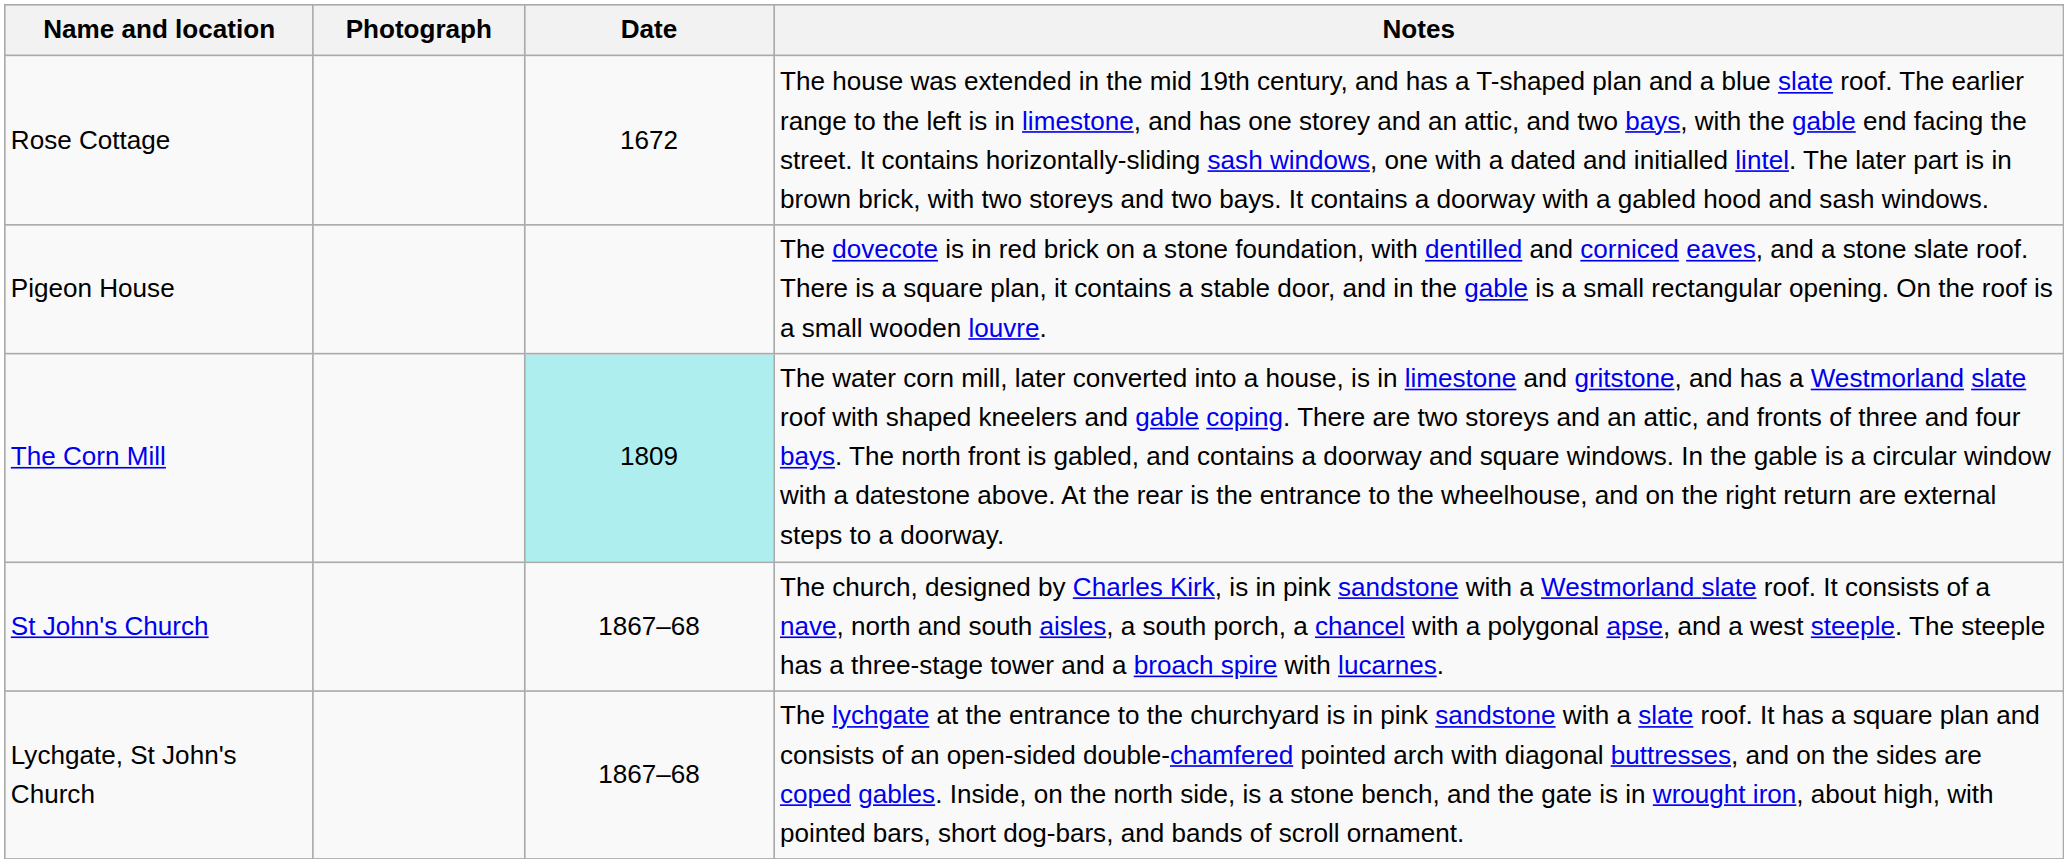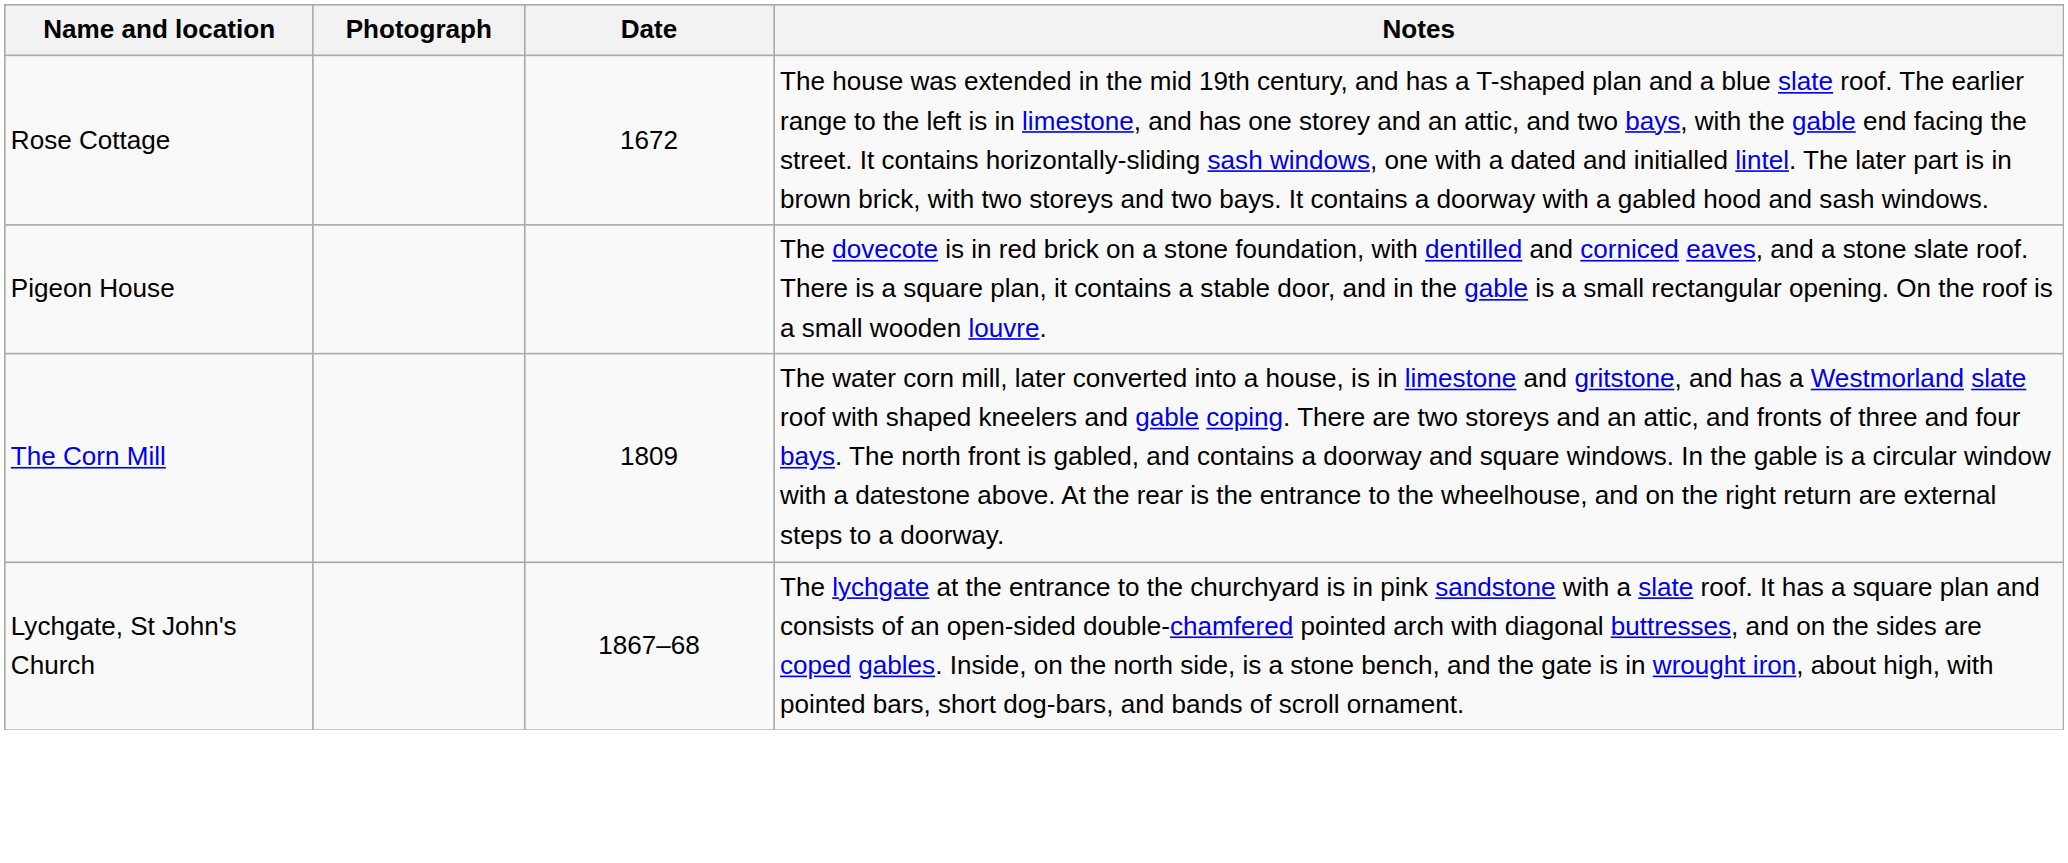 <table class="wikitable sortable plainrowheaders" style="width:100%;border:0px;text-align:left;line-height:150%;">
 <tr>
 <th scope="col"  style="width:150px">Name and location</th>
 <th scope="col"  style="width:100px" class="unsortable">Photograph</th>
 <th scope="col"  style="width:120px">Date</th>
 <th scope="col"  style="width:650px" class="unsortable">Notes</th>
 </tr>
 <tr>
 <td>Rose Cottage<br><small></small></td>
 <td></td>
 <td align="center">1672</td>
 <td>The house was extended in the mid 19th century, and has a T-shaped plan and a blue <a href='#'>slate</a> roof. The earlier range to the left is in <a href='#'>limestone</a>, and has one storey and an attic, and two <a href='#'>bays</a>, with the <a href='#'>gable</a> end facing the street. It contains horizontally-sliding <a href='#'>sash windows</a>, one with a dated and initialled <a href='#'>lintel</a>. The later part is in brown brick, with two storeys and two bays. It contains a doorway with a gabled hood and sash windows.</td>
 </tr>
 <tr>
 <td>Pigeon House<br><small></small></td>
 <td></td>
 <td align="center"></td>
 <td>The <a href='#'>dovecote</a> is in red brick on a stone foundation, with <a href='#'>dentilled</a> and <a href='#'>corniced</a> <a href='#'>eaves</a>, and a stone slate roof. There is a square plan, it contains a stable door, and in the <a href='#'>gable</a> is a small rectangular opening. On the roof is a small wooden <a href='#'>louvre</a>.</td>
 </tr>
 <tr>
 <td><a href='#'>The Corn Mill</a><br><small></small></td>
 <td></td>
-<td align="center" style="background: paleturquoise;">1809</td>
+<td align="center">1809</td>
 <td>The water corn mill, later converted into a house, is in <a href='#'>limestone</a> and <a href='#'>gritstone</a>, and has a <a href='#'>Westmorland</a> <a href='#'>slate</a> roof with shaped kneelers and <a href='#'>gable</a> <a href='#'>coping</a>. There are two storeys and an attic, and fronts of three and four <a href='#'>bays</a>. The north front is gabled, and contains a doorway and square windows. In the gable is a circular window with a datestone above. At the rear is the entrance to the wheelhouse, and on the right return are external steps to a doorway.</td>
-</tr>
-<tr>
-<td><a href='#'>St John's Church</a><br><small></small></td>
-<td></td>
-<td align="center">1867–68</td>
-<td>The church, designed by <a href='#'>Charles Kirk</a>, is in pink <a href='#'>sandstone</a> with a <a href='#'>Westmorland </a> <a href='#'>slate</a> roof. It consists of a <a href='#'>nave</a>, north and south <a href='#'>aisles</a>, a south porch, a <a href='#'>chancel</a> with a polygonal <a href='#'>apse</a>, and a west <a href='#'>steeple</a>. The steeple has a three-stage tower and a <a href='#'>broach spire</a> with <a href='#'>lucarnes</a>.</td>
 </tr>
 <tr>
 <td>Lychgate, St John's Church<br><small></small></td>
 <td></td>
 <td align="center">1867–68</td>
 <td>The <a href='#'>lychgate</a> at the entrance to the churchyard is in pink <a href='#'>sandstone</a> with a <a href='#'>slate</a> roof. It has a square plan and consists of an open-sided double-<a href='#'>chamfered</a> pointed arch with diagonal <a href='#'>buttresses</a>, and on the sides are <a href='#'>coped</a> <a href='#'>gables</a>. Inside, on the north side, is a stone bench, and the gate is in <a href='#'>wrought iron</a>, about  high, with pointed bars, short dog-bars, and bands of scroll ornament.</td>
 </tr>
 <tr>
 </tr>
 </table>
